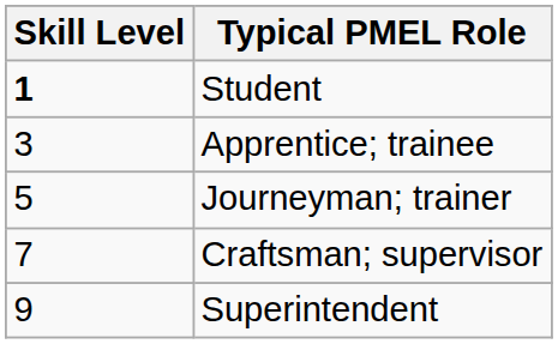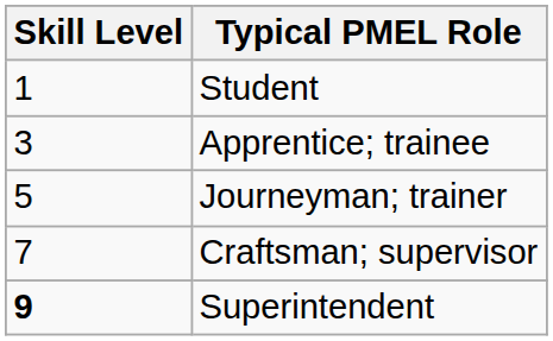 <table class="wikitable">
 <tr>
 <th>Skill Level</th>
 <th>Typical PMEL Role</th>
 </tr>
 <tr>
-<td><strong>1</strong></td>
+<td>1</td>
 <td>Student</td>
 </tr>
 <tr>
 <td>3</td>
 <td>Apprentice; trainee</td>
 </tr>
 <tr>
 <td>5</td>
 <td>Journeyman; trainer</td>
 </tr>
 <tr>
 <td>7</td>
 <td>Craftsman; supervisor</td>
 </tr>
 <tr>
-<td>9</td>
+<td><strong>9</strong></td>
 <td>Superintendent</td>
 </tr>
 </table>
